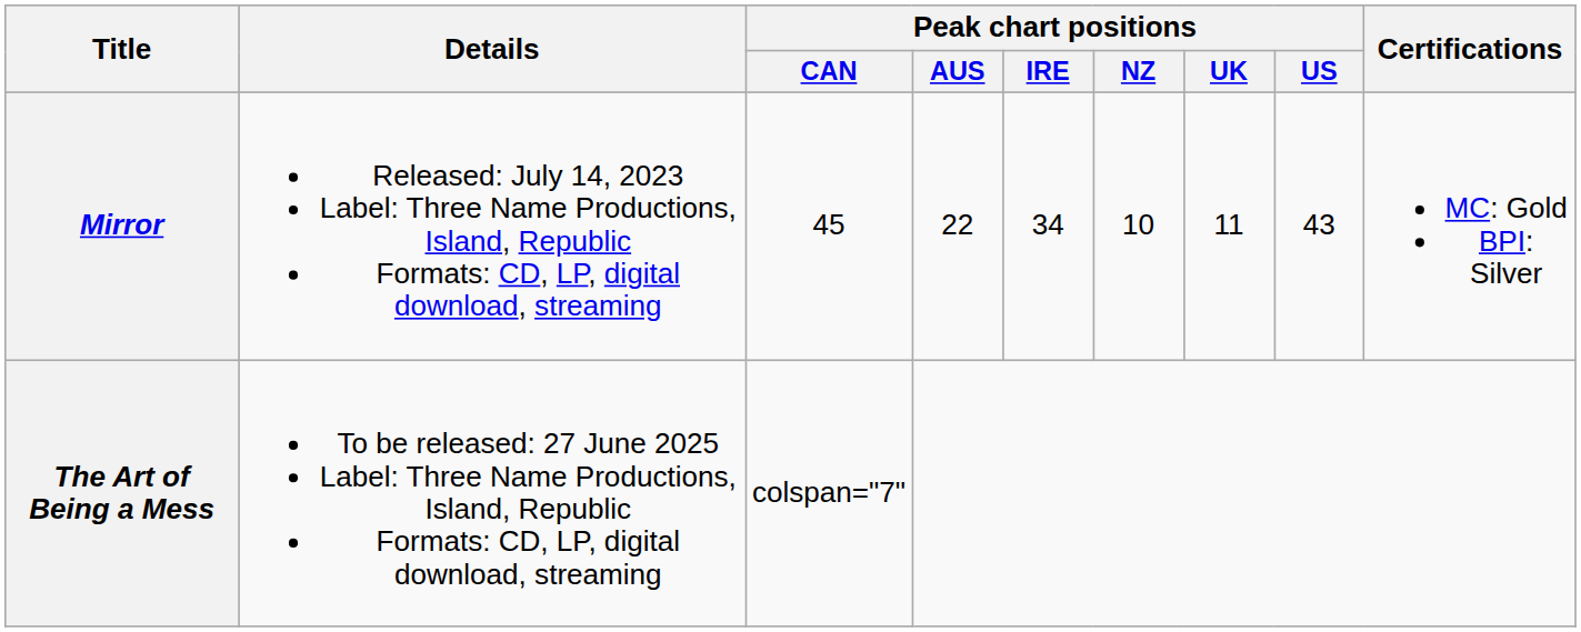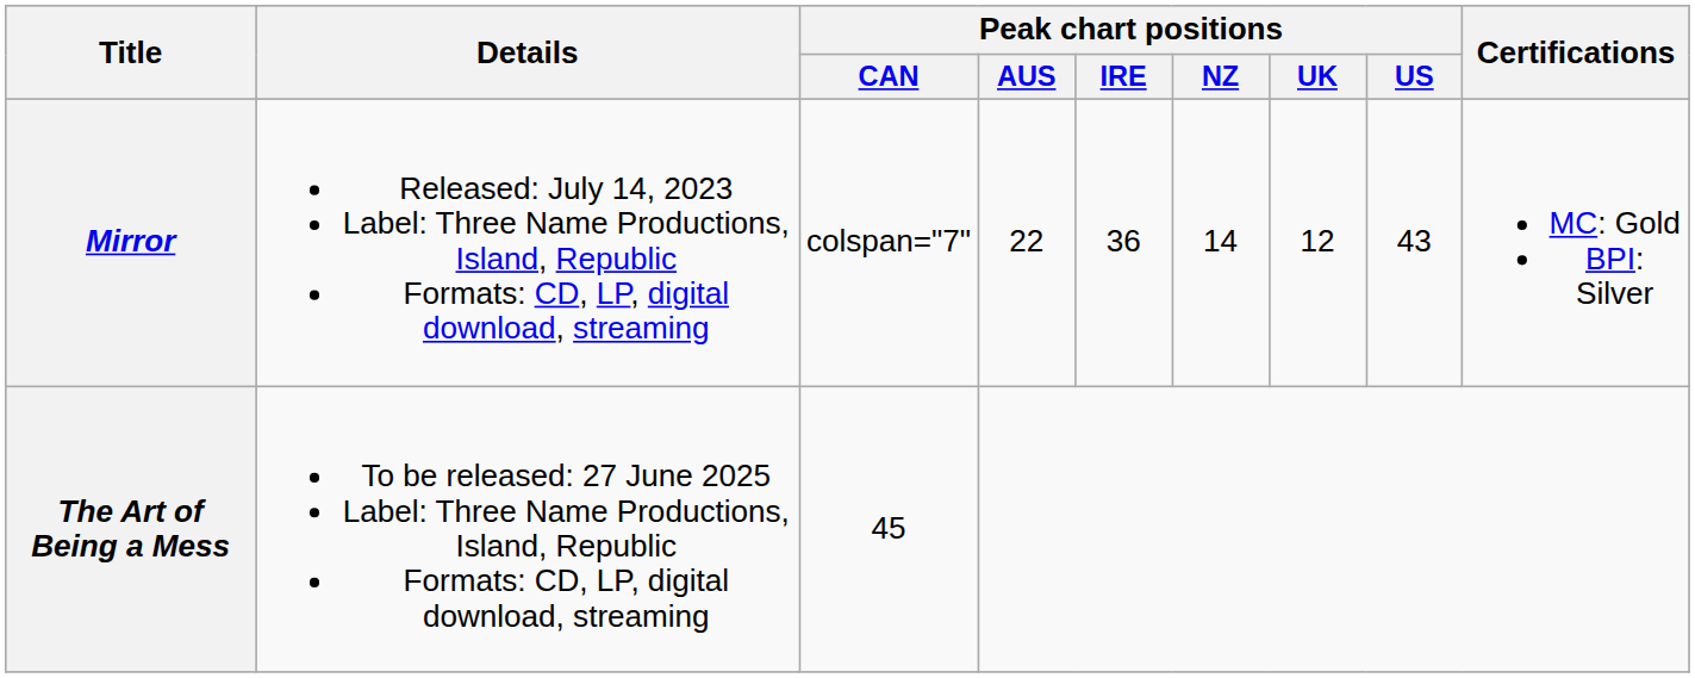 <table class="wikitable plainrowheaders" style="text-align:center">
 <tr>
 <th scope="col" rowspan="2">Title</th>
 <th scope="col" rowspan="2">Details</th>
 <th scope="col" colspan="6">Peak chart positions</th>
 <th scope="col" rowspan="2">Certifications</th>
 </tr>
 <tr>
 <th scope="col" style="width:3em;font-size:90%;"><a href='#'>CAN</a><br></th>
 <th scope="col" style="width:3em;font-size:90%;"><a href='#'>AUS</a><br></th>
 <th scope="col" style="width:3em;font-size:90%;"><a href='#'>IRE</a><br></th>
 <th scope="col" style="width:3em;font-size:90%;"><a href='#'>NZ</a><br></th>
 <th scope="col" style="width:3em;font-size:90%;"><a href='#'>UK</a><br></th>
 <th scope="col" style="width:3em;font-size:90%;"><a href='#'>US</a><br></th>
 </tr>
 <tr>
 <th scope="row"><em><a href='#'>Mirror</a></em></th>
 <td><br><ul><li>Released: July 14, 2023</li><li>Label: Three Name Productions, <a href='#'>Island</a>, <a href='#'>Republic</a></li><li>Formats: <a href='#'>CD</a>, <a href='#'>LP</a>, <a href='#'>digital download</a>, <a href='#'>streaming</a></li></ul></td>
-<td>45</td>
+<td>colspan="7"</td>
 <td>22</td>
-<td>34</td>
-<td>10</td>
-<td>11</td>
+<td>36</td>
+<td>14</td>
+<td>12</td>
 <td>43</td>
 <td><br><ul><li><a href='#'>MC</a>: Gold</li><li><a href='#'>BPI</a>: Silver</li></ul></td>
 </tr>
 <tr>
 <th scope="row"><em>The Art of Being a Mess</em></th>
 <td><br><ul><li>To be released: 27 June 2025</li><li>Label: Three Name Productions, Island, Republic</li><li>Formats: CD, LP, digital download, streaming</li></ul></td>
-<td>colspan="7"</td>
+<td>45</td>
 </tr>
 </table>
